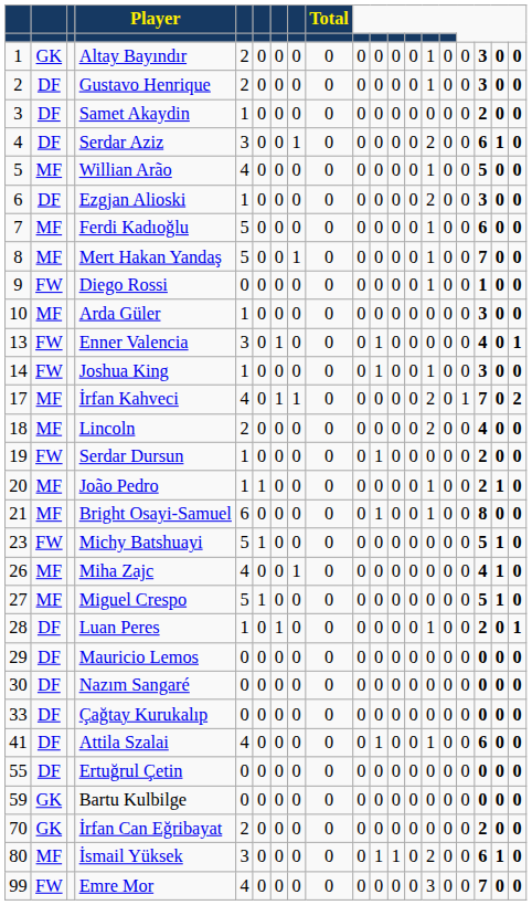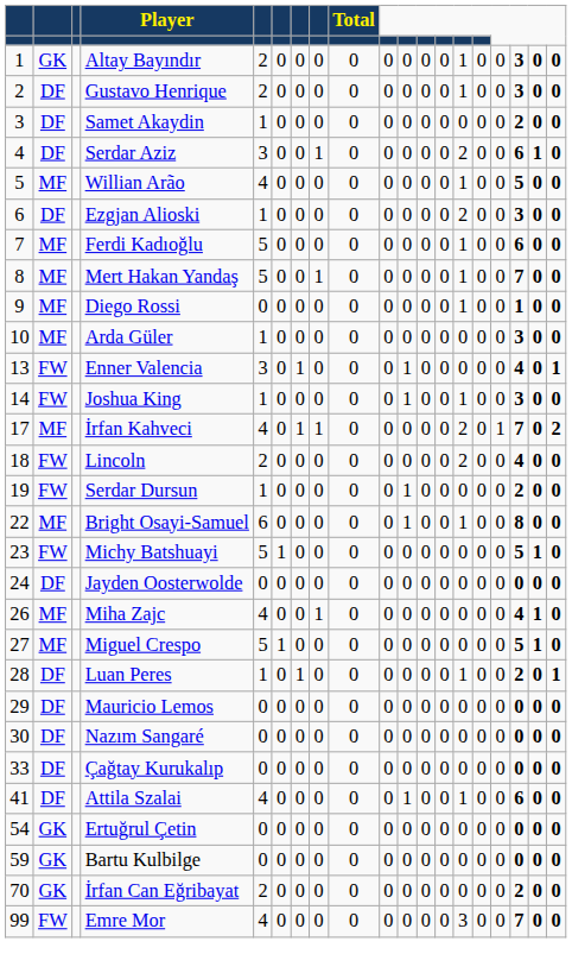 <table class="wikitable" style="text-align:center;">
 <tr>
 <th style="background:#163962; color:#FFF000; "></th>
 <th style="background:#163962; color:#FFF000; "></th>
 <th style="background:#163962; color:#FFF000; "></th>
 <th style="background:#163962; color:#FFF000; ">Player</th>
 <th style="background:#163962; color:#FFF000; "></th>
 <th style="background:#163962; color:#FFF000; "></th>
 <th style="background:#163962; color:#FFF000; "></th>
 <th style="background:#163962; color:#FFF000; "></th>
 <th style="background:#163962; color:#FFF000; ">Total</th>
 </tr>
 <tr>
 <th style="background:#163962; color:#FFF000; "></th>
 <th style="background:#163962; color:#FFF000; "></th>
 <th style="background:#163962; color:#FFF000; "></th>
 <th style="background:#163962; color:#FFF000; "></th>
 <th style="background:#163962; color:#FFF000; "></th>
 <th style="background:#163962; color:#FFF000; "></th>
 <th style="background:#163962; color:#FFF000; "></th>
 <th style="background:#163962; color:#FFF000; "></th>
 <th style="background:#163962; color:#FFF000; "></th>
 <th style="background:#163962; color:#FFF000; "></th>
 <th style="background:#163962; color:#FFF000; "></th>
 <th style="background:#163962; color:#FFF000; "></th>
 <th style="background:#163962; color:#FFF000; "></th>
 <th style="background:#163962; color:#FFF000; "></th>
 <th style="background:#163962; color:#FFF000; "></th>
 </tr>
 <tr>
 <td>1</td>
 <td><a href='#'>GK</a></td>
 <td></td>
 <td align=left><a href='#'>Altay Bayındır</a></td>
 <td>2</td>
 <td>0</td>
 <td>0</td>
 <td>0</td>
 <td>0</td>
 <td>0</td>
 <td>0</td>
 <td>0</td>
 <td>0</td>
 <td>1</td>
 <td>0</td>
 <td>0</td>
 <td><strong>3</strong></td>
 <td><strong>0</strong></td>
 <td><strong>0</strong></td>
 </tr>
 <tr>
 <td>2</td>
 <td><a href='#'>DF</a></td>
 <td></td>
 <td align=left><a href='#'>Gustavo Henrique</a></td>
 <td>2</td>
 <td>0</td>
 <td>0</td>
 <td>0</td>
 <td>0</td>
 <td>0</td>
 <td>0</td>
 <td>0</td>
 <td>0</td>
 <td>1</td>
 <td>0</td>
 <td>0</td>
 <td><strong>3</strong></td>
 <td><strong>0</strong></td>
 <td><strong>0</strong></td>
 </tr>
 <tr>
 <td>3</td>
 <td><a href='#'>DF</a></td>
 <td></td>
 <td align=left><a href='#'>Samet Akaydin</a></td>
 <td>1</td>
 <td>0</td>
 <td>0</td>
 <td>0</td>
 <td>0</td>
 <td>0</td>
 <td>0</td>
 <td>0</td>
 <td>0</td>
 <td>0</td>
 <td>0</td>
 <td>0</td>
 <td><strong>2</strong></td>
 <td><strong>0</strong></td>
 <td><strong>0</strong></td>
 </tr>
 <tr>
 <td>4</td>
 <td><a href='#'>DF</a></td>
 <td></td>
 <td align=left><a href='#'>Serdar Aziz</a></td>
 <td>3</td>
 <td>0</td>
 <td>0</td>
 <td>1</td>
 <td>0</td>
 <td>0</td>
 <td>0</td>
 <td>0</td>
 <td>0</td>
 <td>2</td>
 <td>0</td>
 <td>0</td>
 <td><strong>6</strong></td>
 <td><strong>1</strong></td>
 <td><strong>0</strong></td>
 </tr>
 <tr>
 <td>5</td>
 <td><a href='#'>MF</a></td>
 <td></td>
 <td align=left><a href='#'>Willian Arão</a></td>
 <td>4</td>
 <td>0</td>
 <td>0</td>
 <td>0</td>
 <td>0</td>
 <td>0</td>
 <td>0</td>
 <td>0</td>
 <td>0</td>
 <td>1</td>
 <td>0</td>
 <td>0</td>
 <td><strong>5</strong></td>
 <td><strong>0</strong></td>
 <td><strong>0</strong></td>
 </tr>
 <tr>
 <td>6</td>
 <td><a href='#'>DF</a></td>
 <td></td>
 <td align=left><a href='#'>Ezgjan Alioski</a></td>
 <td>1</td>
 <td>0</td>
 <td>0</td>
 <td>0</td>
 <td>0</td>
 <td>0</td>
 <td>0</td>
 <td>0</td>
 <td>0</td>
 <td>2</td>
 <td>0</td>
 <td>0</td>
 <td><strong>3</strong></td>
 <td><strong>0</strong></td>
 <td><strong>0</strong></td>
 </tr>
 <tr>
 <td>7</td>
 <td><a href='#'>MF</a></td>
 <td></td>
 <td align=left><a href='#'>Ferdi Kadıoğlu</a></td>
 <td>5</td>
 <td>0</td>
 <td>0</td>
 <td>0</td>
 <td>0</td>
 <td>0</td>
 <td>0</td>
 <td>0</td>
 <td>0</td>
 <td>1</td>
 <td>0</td>
 <td>0</td>
 <td><strong>6</strong></td>
 <td><strong>0</strong></td>
 <td><strong>0</strong></td>
 </tr>
 <tr>
 <td>8</td>
 <td><a href='#'>MF</a></td>
 <td></td>
 <td align=left><a href='#'>Mert Hakan Yandaş</a></td>
 <td>5</td>
 <td>0</td>
 <td>0</td>
 <td>1</td>
 <td>0</td>
 <td>0</td>
 <td>0</td>
 <td>0</td>
 <td>0</td>
 <td>1</td>
 <td>0</td>
 <td>0</td>
 <td><strong>7</strong></td>
 <td><strong>0</strong></td>
 <td><strong>0</strong></td>
 </tr>
 <tr>
 <td>9</td>
-<td><a href='#'>FW</a></td>
+<td><a href='#'>MF</a></td>
 <td></td>
 <td align=left><a href='#'>Diego Rossi</a></td>
 <td>0</td>
 <td>0</td>
 <td>0</td>
 <td>0</td>
 <td>0</td>
 <td>0</td>
 <td>0</td>
 <td>0</td>
 <td>0</td>
 <td>1</td>
 <td>0</td>
 <td>0</td>
 <td><strong>1</strong></td>
 <td><strong>0</strong></td>
 <td><strong>0</strong></td>
 </tr>
 <tr>
 <td>10</td>
 <td><a href='#'>MF</a></td>
 <td></td>
 <td align=left><a href='#'>Arda Güler</a></td>
 <td>1</td>
 <td>0</td>
 <td>0</td>
 <td>0</td>
 <td>0</td>
 <td>0</td>
 <td>0</td>
 <td>0</td>
 <td>0</td>
 <td>0</td>
 <td>0</td>
 <td>0</td>
 <td><strong>3</strong></td>
 <td><strong>0</strong></td>
 <td><strong>0</strong></td>
 </tr>
 <tr>
 <td>13</td>
 <td><a href='#'>FW</a></td>
 <td></td>
 <td align=left><a href='#'>Enner Valencia</a></td>
 <td>3</td>
 <td>0</td>
 <td>1</td>
 <td>0</td>
 <td>0</td>
 <td>0</td>
 <td>1</td>
 <td>0</td>
 <td>0</td>
 <td>0</td>
 <td>0</td>
 <td>0</td>
 <td><strong>4</strong></td>
 <td><strong>0</strong></td>
 <td><strong>1</strong></td>
 </tr>
 <tr>
 <td>14</td>
 <td><a href='#'>FW</a></td>
 <td></td>
 <td align=left><a href='#'>Joshua King</a></td>
 <td>1</td>
 <td>0</td>
 <td>0</td>
 <td>0</td>
 <td>0</td>
 <td>0</td>
 <td>1</td>
 <td>0</td>
 <td>0</td>
 <td>1</td>
 <td>0</td>
 <td>0</td>
 <td><strong>3</strong></td>
 <td><strong>0</strong></td>
 <td><strong>0</strong></td>
 </tr>
 <tr>
 <td>17</td>
 <td><a href='#'>MF</a></td>
 <td></td>
 <td align=left><a href='#'>İrfan Kahveci</a></td>
 <td>4</td>
 <td>0</td>
 <td>1</td>
 <td>1</td>
 <td>0</td>
 <td>0</td>
 <td>0</td>
 <td>0</td>
 <td>0</td>
 <td>2</td>
 <td>0</td>
 <td>1</td>
 <td><strong>7</strong></td>
 <td><strong>0</strong></td>
 <td><strong>2</strong></td>
 </tr>
 <tr>
 <td>18</td>
-<td><a href='#'>MF</a></td>
+<td><a href='#'>FW</a></td>
 <td></td>
 <td align=left><a href='#'>Lincoln</a></td>
 <td>2</td>
 <td>0</td>
 <td>0</td>
 <td>0</td>
 <td>0</td>
 <td>0</td>
 <td>0</td>
 <td>0</td>
 <td>0</td>
 <td>2</td>
 <td>0</td>
 <td>0</td>
 <td><strong>4</strong></td>
 <td><strong>0</strong></td>
 <td><strong>0</strong></td>
 </tr>
 <tr>
 <td>19</td>
 <td><a href='#'>FW</a></td>
 <td></td>
 <td align=left><a href='#'>Serdar Dursun</a></td>
 <td>1</td>
 <td>0</td>
 <td>0</td>
 <td>0</td>
 <td>0</td>
 <td>0</td>
 <td>1</td>
 <td>0</td>
 <td>0</td>
 <td>0</td>
 <td>0</td>
 <td>0</td>
 <td><strong>2</strong></td>
 <td><strong>0</strong></td>
 <td><strong>0</strong></td>
 </tr>
 <tr>
-<td>20</td>
-<td><a href='#'>MF</a></td>
-<td></td>
-<td align=left><a href='#'>João Pedro</a></td>
-<td>1</td>
-<td>1</td>
-<td>0</td>
-<td>0</td>
-<td>0</td>
-<td>0</td>
-<td>0</td>
-<td>0</td>
-<td>0</td>
-<td>1</td>
-<td>0</td>
-<td>0</td>
-<td><strong>2</strong></td>
-<td><strong>1</strong></td>
-<td><strong>0</strong></td>
-</tr>
-<tr>
-<td>21</td>
+<td>22</td>
 <td><a href='#'>MF</a></td>
 <td></td>
 <td align=left><a href='#'>Bright Osayi-Samuel</a></td>
 <td>6</td>
 <td>0</td>
 <td>0</td>
 <td>0</td>
 <td>0</td>
 <td>0</td>
 <td>1</td>
 <td>0</td>
 <td>0</td>
 <td>1</td>
 <td>0</td>
 <td>0</td>
 <td><strong>8</strong></td>
 <td><strong>0</strong></td>
 <td><strong>0</strong></td>
 </tr>
 <tr>
 <td>23</td>
 <td><a href='#'>FW</a></td>
 <td></td>
 <td align=left><a href='#'>Michy Batshuayi</a></td>
 <td>5</td>
 <td>1</td>
 <td>0</td>
 <td>0</td>
 <td>0</td>
 <td>0</td>
 <td>0</td>
 <td>0</td>
 <td>0</td>
 <td>0</td>
 <td>0</td>
 <td>0</td>
 <td><strong>5</strong></td>
 <td><strong>1</strong></td>
+<td><strong>0</strong></td>
+</tr>
+<tr>
+<td>24</td>
+<td><a href='#'>DF</a></td>
+<td></td>
+<td align=left><a href='#'>Jayden Oosterwolde</a></td>
+<td>0</td>
+<td>0</td>
+<td>0</td>
+<td>0</td>
+<td>0</td>
+<td>0</td>
+<td>0</td>
+<td>0</td>
+<td>0</td>
+<td>0</td>
+<td>0</td>
+<td>0</td>
+<td><strong>0</strong></td>
+<td><strong>0</strong></td>
 <td><strong>0</strong></td>
 </tr>
 <tr>
 <td>26</td>
 <td><a href='#'>MF</a></td>
 <td></td>
 <td align=left><a href='#'>Miha Zajc</a></td>
 <td>4</td>
 <td>0</td>
 <td>0</td>
 <td>1</td>
 <td>0</td>
 <td>0</td>
 <td>0</td>
 <td>0</td>
 <td>0</td>
 <td>0</td>
 <td>0</td>
 <td>0</td>
 <td><strong>4</strong></td>
 <td><strong>1</strong></td>
 <td><strong>0</strong></td>
 </tr>
 <tr>
 <td>27</td>
 <td><a href='#'>MF</a></td>
 <td></td>
 <td align=left><a href='#'>Miguel Crespo</a></td>
 <td>5</td>
 <td>1</td>
 <td>0</td>
 <td>0</td>
 <td>0</td>
 <td>0</td>
 <td>0</td>
 <td>0</td>
 <td>0</td>
 <td>0</td>
 <td>0</td>
 <td>0</td>
 <td><strong>5</strong></td>
 <td><strong>1</strong></td>
 <td><strong>0</strong></td>
 </tr>
 <tr>
 <td>28</td>
 <td><a href='#'>DF</a></td>
 <td></td>
 <td align=left><a href='#'>Luan Peres</a></td>
 <td>1</td>
 <td>0</td>
 <td>1</td>
 <td>0</td>
 <td>0</td>
 <td>0</td>
 <td>0</td>
 <td>0</td>
 <td>0</td>
 <td>1</td>
 <td>0</td>
 <td>0</td>
 <td><strong>2</strong></td>
 <td><strong>0</strong></td>
 <td><strong>1</strong></td>
 </tr>
 <tr>
 <td>29</td>
 <td><a href='#'>DF</a></td>
 <td></td>
 <td align=left><a href='#'>Mauricio Lemos</a></td>
 <td>0</td>
 <td>0</td>
 <td>0</td>
 <td>0</td>
 <td>0</td>
 <td>0</td>
 <td>0</td>
 <td>0</td>
 <td>0</td>
 <td>0</td>
 <td>0</td>
 <td>0</td>
 <td><strong>0</strong></td>
 <td><strong>0</strong></td>
 <td><strong>0</strong></td>
 </tr>
 <tr>
 <td>30</td>
 <td><a href='#'>DF</a></td>
 <td></td>
 <td align=left><a href='#'>Nazım Sangaré</a></td>
 <td>0</td>
 <td>0</td>
 <td>0</td>
 <td>0</td>
 <td>0</td>
 <td>0</td>
 <td>0</td>
 <td>0</td>
 <td>0</td>
 <td>0</td>
 <td>0</td>
 <td>0</td>
 <td><strong>0</strong></td>
 <td><strong>0</strong></td>
 <td><strong>0</strong></td>
 </tr>
 <tr>
 <td>33</td>
 <td><a href='#'>DF</a></td>
 <td></td>
 <td align=left><a href='#'>Çağtay Kurukalıp</a></td>
 <td>0</td>
 <td>0</td>
 <td>0</td>
 <td>0</td>
 <td>0</td>
 <td>0</td>
 <td>0</td>
 <td>0</td>
 <td>0</td>
 <td>0</td>
 <td>0</td>
 <td>0</td>
 <td><strong>0</strong></td>
 <td><strong>0</strong></td>
 <td><strong>0</strong></td>
 </tr>
 <tr>
 <td>41</td>
 <td><a href='#'>DF</a></td>
 <td></td>
 <td align=left><a href='#'>Attila Szalai</a></td>
 <td>4</td>
 <td>0</td>
 <td>0</td>
 <td>0</td>
 <td>0</td>
 <td>0</td>
 <td>1</td>
 <td>0</td>
 <td>0</td>
 <td>1</td>
 <td>0</td>
 <td>0</td>
 <td><strong>6</strong></td>
 <td><strong>0</strong></td>
 <td><strong>0</strong></td>
 </tr>
 <tr>
-<td>55</td>
-<td><a href='#'>DF</a></td>
+<td>54</td>
+<td><a href='#'>GK</a></td>
 <td></td>
 <td align=left><a href='#'>Ertuğrul Çetin</a></td>
 <td>0</td>
 <td>0</td>
 <td>0</td>
 <td>0</td>
 <td>0</td>
 <td>0</td>
 <td>0</td>
 <td>0</td>
 <td>0</td>
 <td>0</td>
 <td>0</td>
 <td>0</td>
 <td><strong>0</strong></td>
 <td><strong>0</strong></td>
 <td><strong>0</strong></td>
 </tr>
 <tr>
 <td>59</td>
 <td><a href='#'>GK</a></td>
 <td></td>
 <td align=left>Bartu Kulbilge</td>
 <td>0</td>
 <td>0</td>
 <td>0</td>
 <td>0</td>
 <td>0</td>
 <td>0</td>
 <td>0</td>
 <td>0</td>
 <td>0</td>
 <td>0</td>
 <td>0</td>
 <td>0</td>
 <td><strong>0</strong></td>
 <td><strong>0</strong></td>
 <td><strong>0</strong></td>
 </tr>
 <tr>
 <td>70</td>
 <td><a href='#'>GK</a></td>
 <td></td>
 <td align=left><a href='#'>İrfan Can Eğribayat</a></td>
 <td>2</td>
 <td>0</td>
 <td>0</td>
 <td>0</td>
 <td>0</td>
 <td>0</td>
 <td>0</td>
 <td>0</td>
 <td>0</td>
 <td>0</td>
 <td>0</td>
 <td>0</td>
 <td><strong>2</strong></td>
 <td><strong>0</strong></td>
 <td><strong>0</strong></td>
 </tr>
 <tr>
-<td>80</td>
-<td><a href='#'>MF</a></td>
-<td></td>
-<td align=left><a href='#'>İsmail Yüksek</a></td>
-<td>3</td>
-<td>0</td>
-<td>0</td>
-<td>0</td>
-<td>0</td>
-<td>0</td>
-<td>1</td>
-<td>1</td>
-<td>0</td>
-<td>2</td>
-<td>0</td>
-<td>0</td>
-<td><strong>6</strong></td>
-<td><strong>1</strong></td>
-<td><strong>0</strong></td>
-</tr>
-<tr>
 <td>99</td>
 <td><a href='#'>FW</a></td>
 <td></td>
 <td align=left><a href='#'>Emre Mor</a></td>
 <td>4</td>
 <td>0</td>
 <td>0</td>
 <td>0</td>
 <td>0</td>
 <td>0</td>
 <td>0</td>
 <td>0</td>
 <td>0</td>
 <td>3</td>
 <td>0</td>
 <td>0</td>
 <td><strong>7</strong></td>
 <td><strong>0</strong></td>
 <td><strong>0</strong></td>
 </tr>
 </table>
